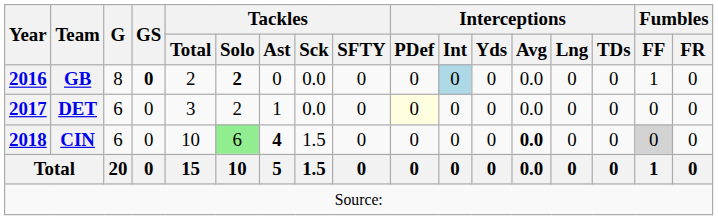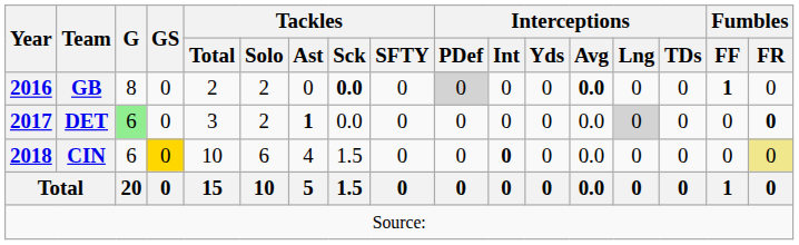 <table class="wikitable" style="text-align: center;">
 <tr>
 <th rowspan=2>Year</th>
 <th rowspan=2>Team</th>
 <th rowspan=2>G</th>
 <th rowspan=2>GS</th>
 <th colspan=5>Tackles</th>
 <th colspan=6>Interceptions</th>
 <th colspan=2>Fumbles</th>
 </tr>
 <tr>
 <th>Total</th>
 <th>Solo</th>
 <th>Ast</th>
 <th>Sck</th>
 <th>SFTY</th>
 <th>PDef</th>
 <th>Int</th>
 <th>Yds</th>
 <th>Avg</th>
 <th>Lng</th>
 <th>TDs</th>
 <th>FF</th>
 <th>FR</th>
 </tr>
 <tr>
 <th><a href='#'>2016</a></th>
 <th><a href='#'>GB</a></th>
 <td>8</td>
-<td><strong>0</strong></td>
+<td>0</td>
 <td>2</td>
-<td><strong>2</strong></td>
+<td>2</td>
 <td>0</td>
-<td>0.0</td>
+<td><strong>0.0</strong></td>
+<td>0</td>
+<td style="background: lightgrey;">0</td>
 <td>0</td>
 <td>0</td>
-<td style="background: lightblue;">0</td>
-<td>0</td>
-<td>0.0</td>
+<td><strong>0.0</strong></td>
 <td>0</td>
 <td>0</td>
-<td>1</td>
+<td><strong>1</strong></td>
 <td>0</td>
 </tr>
 <tr>
 <th><a href='#'>2017</a></th>
 <th><a href='#'>DET</a></th>
-<td>6</td>
+<td style="background: lightgreen;">6</td>
 <td>0</td>
 <td>3</td>
 <td>2</td>
-<td>1</td>
+<td><strong>1</strong></td>
 <td>0.0</td>
 <td>0</td>
-<td style="background: lightyellow;">0</td>
 <td>0</td>
+<td>0</td>
+<td>0</td>
+<td>0.0</td>
+<td style="background: lightgrey;">0</td>
+<td>0</td>
+<td>0</td>
+<td><strong>0</strong></td>
+</tr>
+<tr>
+<th><a href='#'>2018</a></th>
+<th><a href='#'>CIN</a></th>
+<td>6</td>
+<td style="background: gold;">0</td>
+<td>10</td>
+<td>6</td>
+<td>4</td>
+<td>1.5</td>
+<td>0</td>
+<td>0</td>
+<td><strong>0</strong></td>
 <td>0</td>
 <td>0.0</td>
 <td>0</td>
 <td>0</td>
 <td>0</td>
-<td>0</td>
-</tr>
-<tr>
-<th><a href='#'>2018</a></th>
-<th><a href='#'>CIN</a></th>
-<td>6</td>
-<td>0</td>
-<td>10</td>
-<td style="background: lightgreen;">6</td>
-<td><strong>4</strong></td>
-<td>1.5</td>
-<td>0</td>
-<td>0</td>
-<td>0</td>
-<td>0</td>
-<td><strong>0.0</strong></td>
-<td>0</td>
-<td>0</td>
-<td style="background: lightgrey;">0</td>
-<td>0</td>
+<td style="background: khaki;">0</td>
 </tr>
 <tr>
 <th colspan=2>Total</th>
 <th>20</th>
 <th>0</th>
 <th>15</th>
 <th>10</th>
 <th>5</th>
 <th>1.5</th>
 <th>0</th>
 <th>0</th>
 <th>0</th>
 <th>0</th>
 <th>0.0</th>
 <th>0</th>
 <th>0</th>
 <th>1</th>
 <th>0</th>
 </tr>
 <tr>
 <td colspan="17"><small>Source: </small></td>
 </tr>
 </table>
